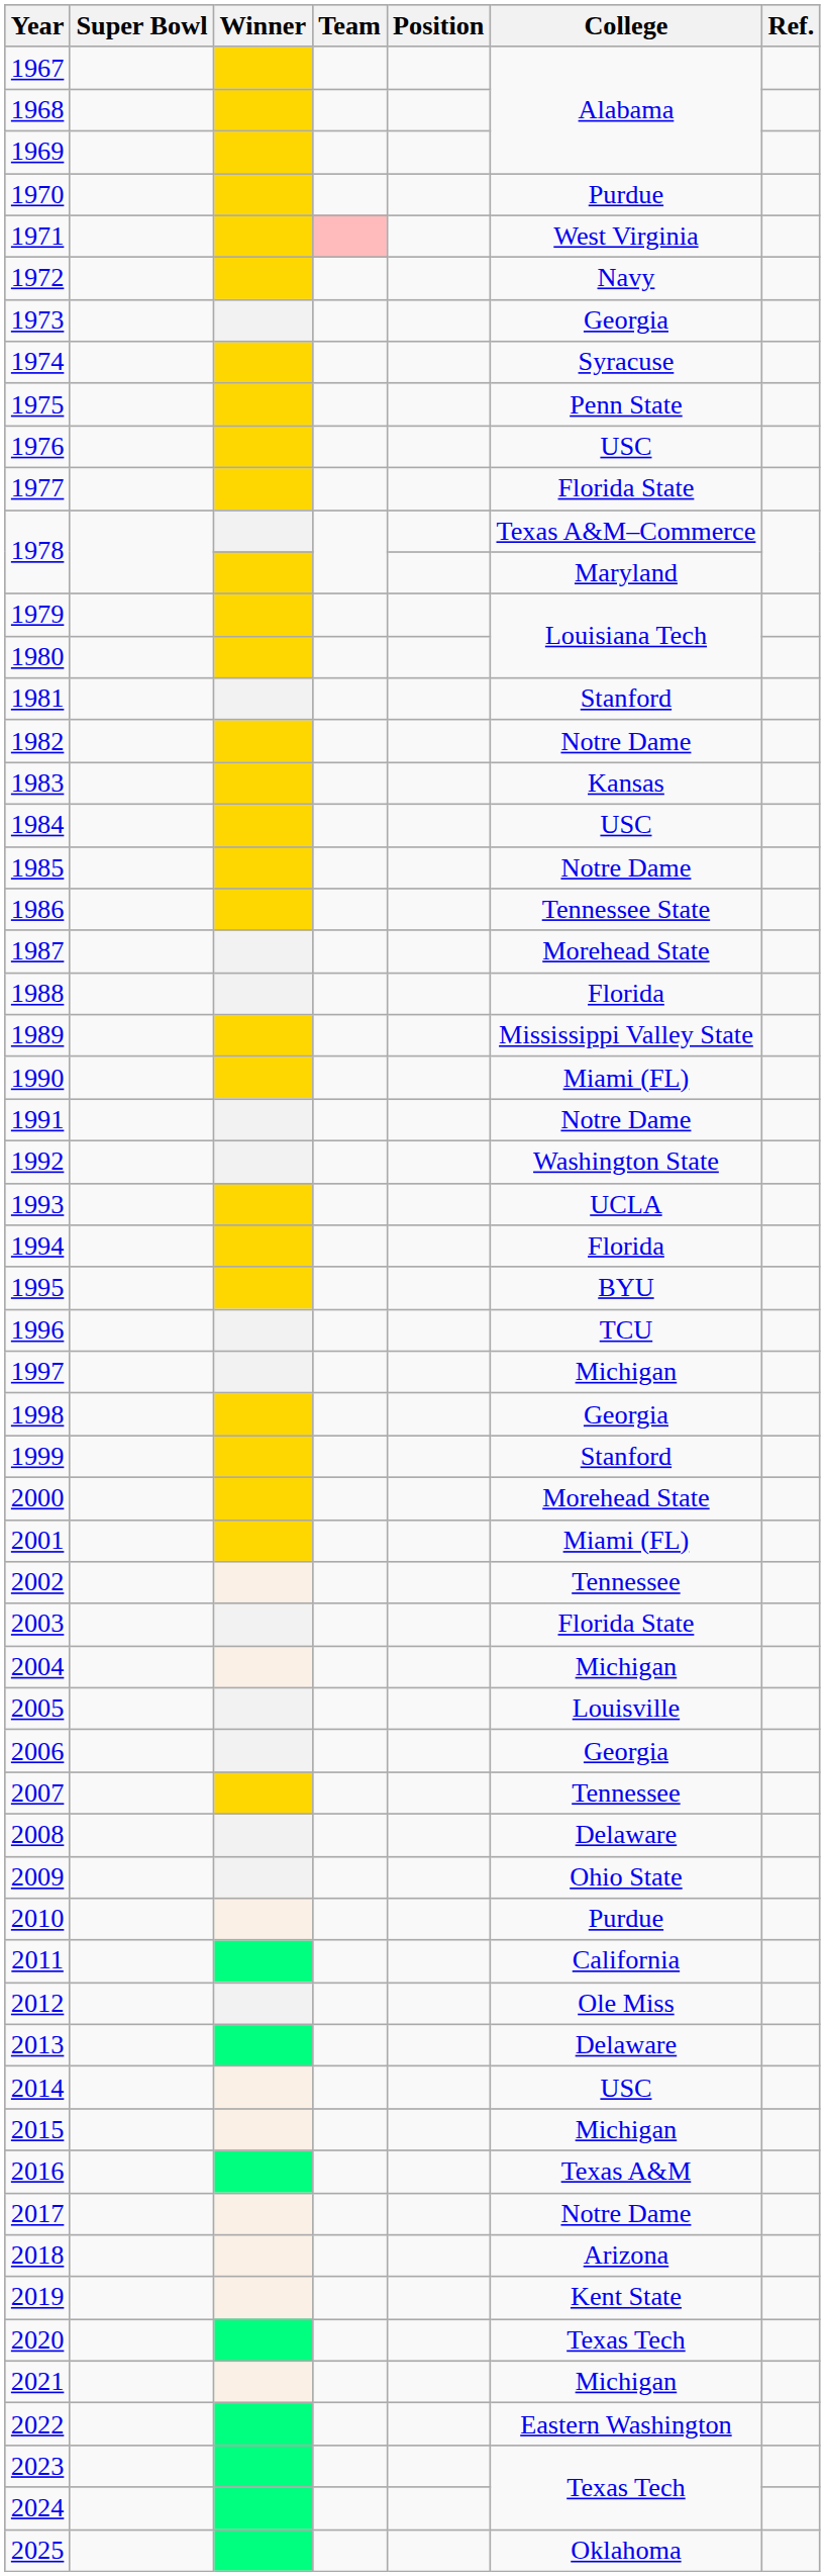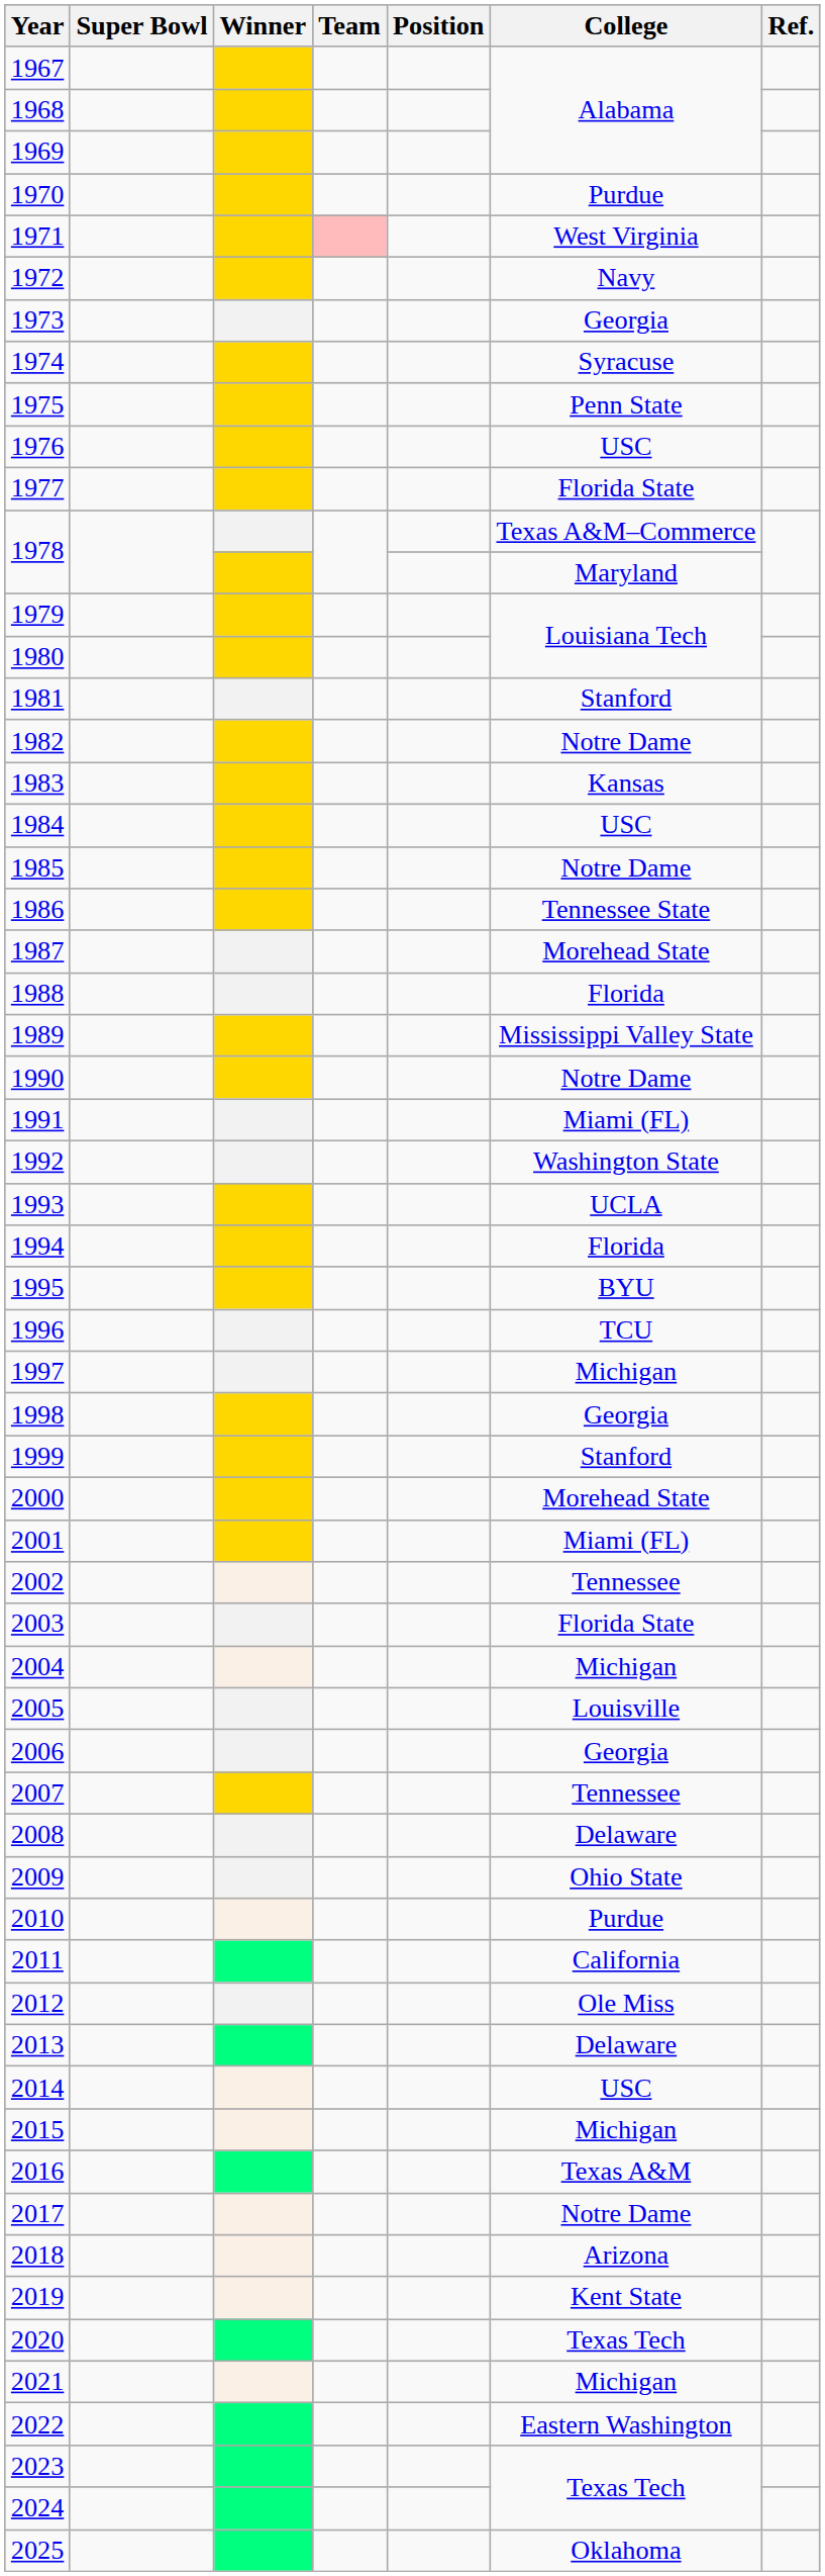 <table class="wikitable sortable plainrowheaders" border="1" style="text-align:center">
 <tr>
 <th scope="col">Year</th>
 <th scope="col">Super Bowl</th>
 <th scope="col">Winner</th>
 <th scope="col">Team</th>
 <th scope="col">Position</th>
 <th>College</th>
 <th scope="col" class="unsortable">Ref.</th>
 </tr>
 <tr>
 <td><a href='#'>1967</a></td>
 <td></td>
 <th scope="row" style="text-align:center; background-color:#FFD700"></th>
 <td></td>
 <td></td>
 <td rowspan="3"><a href='#'>Alabama</a></td>
 <td></td>
 </tr>
 <tr>
 <td><a href='#'>1968</a></td>
 <td></td>
 <th scope="row" style="text-align:center; background-color:#FFD700"> </th>
 <td></td>
 <td></td>
 <td></td>
 </tr>
 <tr>
 <td><a href='#'>1969</a></td>
 <td></td>
 <th scope="row" style="text-align:center; background-color:#FFD700"></th>
 <td></td>
 <td></td>
 <td></td>
 </tr>
 <tr>
 <td><a href='#'>1970</a></td>
 <td></td>
 <th scope="row" style="text-align:center; background-color:#FFD700"></th>
 <td></td>
 <td></td>
 <td><a href='#'>Purdue</a></td>
 <td></td>
 </tr>
 <tr>
 <td><a href='#'>1971</a></td>
 <td></td>
 <th scope="row" style="text-align:center; background-color:#FFD700"></th>
 <td bgcolor="#FFBBBB"></td>
 <td></td>
 <td><a href='#'>West Virginia</a></td>
 <td></td>
 </tr>
 <tr>
 <td><a href='#'>1972</a></td>
 <td></td>
 <th scope="row" style="text-align:center; background-color:#FFD700"></th>
 <td></td>
 <td></td>
 <td><a href='#'>Navy</a></td>
 <td></td>
 </tr>
 <tr>
 <td><a href='#'>1973</a></td>
 <td></td>
 <th scope="row" style="text-align:center;"></th>
 <td></td>
 <td></td>
 <td><a href='#'>Georgia</a></td>
 <td></td>
 </tr>
 <tr>
 <td><a href='#'>1974</a></td>
 <td></td>
 <th scope="row" style="text-align:center; background-color:#FFD700"></th>
 <td></td>
 <td></td>
 <td><a href='#'>Syracuse</a></td>
 <td></td>
 </tr>
 <tr>
 <td><a href='#'>1975</a></td>
 <td></td>
 <th scope="row" style="text-align:center; background-color:#FFD700"></th>
 <td></td>
 <td></td>
 <td><a href='#'>Penn State</a></td>
 <td></td>
 </tr>
 <tr>
 <td><a href='#'>1976</a></td>
 <td></td>
 <th scope="row" style="text-align:center; background-color:#FFD700"></th>
 <td></td>
 <td></td>
 <td><a href='#'>USC</a></td>
 <td></td>
 </tr>
 <tr>
 <td><a href='#'>1977</a></td>
 <td></td>
 <th scope="row" style="text-align:center; background-color:#FFD700"></th>
 <td></td>
 <td></td>
 <td><a href='#'>Florida State</a></td>
 <td></td>
 </tr>
 <tr>
 <td rowspan=2><a href='#'>1978</a></td>
 <td rowspan=2></td>
 <th scope="row" style="text-align:center;"></th>
 <td rowspan=2></td>
 <td></td>
 <td><a href='#'>Texas A&M–Commerce</a></td>
 <td rowspan="2"><wbr></td>
 </tr>
 <tr>
 <th scope="row" style="text-align:center; background-color:#FFD700"></th>
 <td></td>
 <td><a href='#'>Maryland</a></td>
 </tr>
 <tr>
 <td><a href='#'>1979</a></td>
 <td></td>
 <th scope="row" style="text-align:center; background-color:#FFD700"></th>
 <td></td>
 <td></td>
 <td rowspan="2"><a href='#'>Louisiana Tech</a></td>
 <td></td>
 </tr>
 <tr>
 <td><a href='#'>1980</a></td>
 <td></td>
 <th scope="row" style="text-align:center; background-color:#FFD700"> </th>
 <td></td>
 <td></td>
 <td></td>
 </tr>
 <tr>
 <td><a href='#'>1981</a></td>
 <td></td>
 <th scope="row" style="text-align:center;"></th>
 <td></td>
 <td></td>
 <td><a href='#'>Stanford</a></td>
 <td></td>
 </tr>
 <tr>
 <td><a href='#'>1982</a></td>
 <td></td>
 <th scope="row" style="text-align:center; background-color:#FFD700"></th>
 <td></td>
 <td></td>
 <td><a href='#'>Notre Dame</a></td>
 <td></td>
 </tr>
 <tr>
 <td><a href='#'>1983</a></td>
 <td></td>
 <th scope="row" style="text-align:center; background-color:#FFD700"></th>
 <td></td>
 <td></td>
 <td><a href='#'>Kansas</a></td>
 <td></td>
 </tr>
 <tr>
 <td><a href='#'>1984</a></td>
 <td></td>
 <th scope="row" style="text-align:center; background-color:#FFD700"></th>
 <td></td>
 <td></td>
 <td><a href='#'>USC</a></td>
 <td></td>
 </tr>
 <tr>
 <td><a href='#'>1985</a></td>
 <td></td>
 <th scope="row" style="text-align:center; background-color:#FFD700"> </th>
 <td></td>
 <td></td>
 <td><a href='#'>Notre Dame</a></td>
 <td></td>
 </tr>
 <tr>
 <td><a href='#'>1986</a></td>
 <td></td>
 <th scope="row" style="text-align:center; background-color:#FFD700"></th>
 <td></td>
 <td></td>
 <td><a href='#'>Tennessee State</a></td>
 <td></td>
 </tr>
 <tr>
 <td><a href='#'>1987</a></td>
 <td></td>
 <th scope="row" style="text-align:center;"></th>
 <td></td>
 <td></td>
 <td><a href='#'>Morehead State</a></td>
 <td></td>
 </tr>
 <tr>
 <td><a href='#'>1988</a></td>
 <td></td>
 <th scope="row" style="text-align:center;"></th>
 <td></td>
 <td></td>
 <td><a href='#'>Florida</a></td>
 <td></td>
 </tr>
 <tr>
 <td><a href='#'>1989</a></td>
 <td></td>
 <th scope="row" style="text-align:center; background-color:#FFD700"></th>
 <td></td>
 <td></td>
 <td><a href='#'>Mississippi Valley State</a></td>
 <td></td>
 </tr>
 <tr>
 <td><a href='#'>1990</a></td>
 <td></td>
 <th scope="row" style="text-align:center; background-color:#FFD700"> </th>
 <td></td>
 <td></td>
-<td><a href='#'>Miami (FL)</a></td>
+<td><a href='#'>Notre Dame</a></td>
 <td></td>
 </tr>
 <tr>
 <td><a href='#'>1991</a></td>
 <td></td>
 <th scope="row" style="text-align:center;"></th>
 <td></td>
 <td></td>
-<td><a href='#'>Notre Dame</a></td>
+<td><a href='#'>Miami (FL)</a></td>
 <td></td>
 </tr>
 <tr>
 <td><a href='#'>1992</a></td>
 <td></td>
 <th scope="row" style="text-align:center;"></th>
 <td></td>
 <td></td>
 <td><a href='#'>Washington State</a></td>
 <td></td>
 </tr>
 <tr>
 <td><a href='#'>1993</a></td>
 <td></td>
 <th scope="row" style="text-align:center; background-color:#FFD700"></th>
 <td></td>
 <td></td>
 <td><a href='#'>UCLA</a></td>
 <td></td>
 </tr>
 <tr>
 <td><a href='#'>1994</a></td>
 <td></td>
 <th scope="row" style="text-align:center; background-color:#FFD700"></th>
 <td></td>
 <td></td>
 <td><a href='#'>Florida</a></td>
 <td></td>
 </tr>
 <tr>
 <td><a href='#'>1995</a></td>
 <td></td>
 <th scope="row" style="text-align:center; background-color:#FFD700"></th>
 <td></td>
 <td></td>
 <td><a href='#'>BYU</a></td>
 <td></td>
 </tr>
 <tr>
 <td><a href='#'>1996</a></td>
 <td></td>
 <th scope="row" style="text-align:center;"></th>
 <td></td>
 <td></td>
 <td><a href='#'>TCU</a></td>
 <td></td>
 </tr>
 <tr>
 <td><a href='#'>1997</a></td>
 <td></td>
 <th scope="row" style="text-align:center;"></th>
 <td></td>
 <td></td>
 <td><a href='#'>Michigan</a></td>
 <td></td>
 </tr>
 <tr>
 <td><a href='#'>1998</a></td>
 <td></td>
 <th scope="row" style="text-align:center; background-color:#FFD700"></th>
 <td></td>
 <td></td>
 <td><a href='#'>Georgia</a></td>
 <td></td>
 </tr>
 <tr>
 <td><a href='#'>1999</a></td>
 <td></td>
 <th scope="row" style="text-align:center; background-color:#FFD700"></th>
 <td></td>
 <td></td>
 <td><a href='#'>Stanford</a></td>
 <td></td>
 </tr>
 <tr>
 <td><a href='#'>2000</a></td>
 <td></td>
 <th scope="row" style="text-align:center; background-color:#FFD700"></th>
 <td></td>
 <td></td>
 <td><a href='#'>Morehead State</a></td>
 <td></td>
 </tr>
 <tr>
 <td><a href='#'>2001</a></td>
 <td></td>
 <th scope="row" style="text-align:center; background-color:#FFD700"></th>
 <td></td>
 <td></td>
 <td><a href='#'>Miami (FL)</a></td>
 <td></td>
 </tr>
 <tr>
 <td><a href='#'>2002</a></td>
 <td></td>
 <th scope="row" style="text-align:center; background-color:#FAF0E6"></th>
 <td></td>
 <td></td>
 <td><a href='#'>Tennessee</a></td>
 <td></td>
 </tr>
 <tr>
 <td><a href='#'>2003</a></td>
 <td></td>
 <th scope="row" style="text-align:center;"></th>
 <td></td>
 <td></td>
 <td><a href='#'>Florida State</a></td>
 <td></td>
 </tr>
 <tr>
 <td><a href='#'>2004</a></td>
 <td></td>
 <th scope="row" style="text-align:center; background-color:#FAF0E6"> </th>
 <td></td>
 <td></td>
 <td><a href='#'>Michigan</a></td>
 <td></td>
 </tr>
 <tr>
 <td><a href='#'>2005</a></td>
 <td></td>
 <th scope="row" style="text-align:center;"></th>
 <td></td>
 <td></td>
 <td><a href='#'>Louisville</a></td>
 <td></td>
 </tr>
 <tr>
 <td><a href='#'>2006</a></td>
 <td></td>
 <th scope="row" style="text-align:center;"></th>
 <td></td>
 <td></td>
 <td><a href='#'>Georgia</a></td>
 <td></td>
 </tr>
 <tr>
 <td><a href='#'>2007</a></td>
 <td></td>
 <th scope="row" style="text-align:center; background-color:#FFD700"></th>
 <td></td>
 <td></td>
 <td><a href='#'>Tennessee</a></td>
 <td></td>
 </tr>
 <tr>
 <td><a href='#'>2008</a></td>
 <td></td>
 <th scope="row" style="text-align:center"></th>
 <td></td>
 <td></td>
 <td><a href='#'>Delaware</a></td>
 <td></td>
 </tr>
 <tr>
 <td><a href='#'>2009</a></td>
 <td></td>
 <th scope="row" style="text-align:center;"></th>
 <td></td>
 <td></td>
 <td><a href='#'>Ohio State</a></td>
 <td></td>
 </tr>
 <tr>
 <td><a href='#'>2010</a></td>
 <td></td>
 <th scope="row" style="text-align:center; background-color:#FAF0E6"> </th>
 <td></td>
 <td></td>
 <td><a href='#'>Purdue</a></td>
 <td></td>
 </tr>
 <tr>
 <td><a href='#'>2011</a></td>
 <td></td>
 <th scope="row" style="text-align:center; background-color:#00ff7f"></th>
 <td></td>
 <td></td>
 <td><a href='#'>California</a></td>
 <td></td>
 </tr>
 <tr>
 <td><a href='#'>2012</a></td>
 <td></td>
 <th scope="row" style="text-align:center"> </th>
 <td></td>
 <td></td>
 <td><a href='#'>Ole Miss</a></td>
 <td></td>
 </tr>
 <tr>
 <td><a href='#'>2013</a></td>
 <td></td>
 <th scope="row" style="text-align:center; background-color:#00ff7f"></th>
 <td></td>
 <td></td>
 <td><a href='#'>Delaware</a></td>
 <td></td>
 </tr>
 <tr>
 <td><a href='#'>2014</a></td>
 <td></td>
 <th scope="row" style="text-align:center; background-color:#FAF0E6"></th>
 <td></td>
 <td></td>
 <td><a href='#'>USC</a></td>
 <td></td>
 </tr>
 <tr>
 <td><a href='#'>2015</a></td>
 <td></td>
 <th scope="row" style="text-align:center; background-color:#FAF0E6"> </th>
 <td></td>
 <td></td>
 <td><a href='#'>Michigan</a></td>
 <td></td>
 </tr>
 <tr>
 <td><a href='#'>2016</a></td>
 <td></td>
 <th scope="row" style="text-align:center; background-color:#00ff7f"></th>
 <td></td>
 <td></td>
 <td><a href='#'>Texas A&M</a></td>
 <td></td>
 </tr>
 <tr>
 <td><a href='#'>2017</a></td>
 <td></td>
 <th scope="row" style="text-align:center; background-color:#FAF0E6"> </th>
 <td></td>
 <td></td>
 <td><a href='#'>Notre Dame</a></td>
 <td></td>
 </tr>
 <tr>
 <td><a href='#'>2018</a></td>
 <td></td>
 <th scope="row"style="text-align:center; background-color:#FAF0E6"></th>
 <td></td>
 <td></td>
 <td><a href='#'>Arizona</a></td>
 <td></td>
 </tr>
 <tr>
 <td><a href='#'>2019</a></td>
 <td></td>
 <th scope="row" style="text-align:center; background-color:#FAF0E6"></th>
 <td></td>
 <td></td>
 <td><a href='#'>Kent State</a></td>
 <td></td>
 </tr>
 <tr>
 <td><a href='#'>2020</a></td>
 <td></td>
 <th scope="row" style="text-align:center; background-color:#00ff7f"></th>
 <td></td>
 <td></td>
 <td><a href='#'>Texas Tech</a></td>
 <td></td>
 </tr>
 <tr>
 <td><a href='#'>2021</a></td>
 <td></td>
 <th scope="row" style="text-align:center; background-color:#FAF0E6">  </th>
 <td></td>
 <td></td>
 <td><a href='#'>Michigan</a></td>
 <td></td>
 </tr>
 <tr>
 <td><a href='#'>2022</a></td>
 <td></td>
 <th scope="row" style="text-align:center; background-color:#00ff7f"> </th>
 <td></td>
 <td></td>
 <td><a href='#'>Eastern Washington</a></td>
 <td></td>
 </tr>
 <tr>
 <td><a href='#'>2023</a></td>
 <td></td>
 <th scope="row" style="text-align:center; background-color:#00ff7f">  </th>
 <td></td>
 <td></td>
 <td rowspan="2"><a href='#'>Texas Tech</a></td>
 <td></td>
 </tr>
 <tr>
 <td><a href='#'>2024</a></td>
 <td></td>
 <th scope="row" style="text-align:center; background-color:#00ff7f">  </th>
 <td></td>
 <td></td>
 <td></td>
 </tr>
 <tr>
 <td><a href='#'>2025</a></td>
 <td></td>
 <th scope="row" style="text-align:center; background-color:#00ff7f"> </th>
 <td></td>
 <td></td>
 <td><a href='#'>Oklahoma</a></td>
 <td></td>
 </tr>
 </table>
